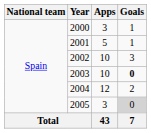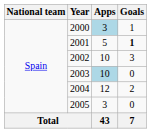 <table class="wikitable" style="text-align:center">
 <tr>
 <th>National team</th>
 <th>Year</th>
 <th>Apps</th>
 <th>Goals</th>
 </tr>
 <tr>
 <td rowspan="6"><a href='#'>Spain</a></td>
 <td>2000</td>
-<td>3</td>
+<td style="background: lightblue;">3</td>
 <td>1</td>
 </tr>
 <tr>
 <td>2001</td>
 <td>5</td>
-<td>1</td>
+<td><strong>1</strong></td>
 </tr>
 <tr>
 <td>2002</td>
 <td>10</td>
 <td>3</td>
 </tr>
 <tr>
 <td>2003</td>
-<td>10</td>
-<td><strong>0</strong></td>
+<td style="background: lightblue;">10</td>
+<td>0</td>
 </tr>
 <tr>
 <td>2004</td>
 <td>12</td>
 <td>2</td>
 </tr>
 <tr>
 <td>2005</td>
 <td>3</td>
-<td style="background: lightgrey;">0</td>
+<td>0</td>
 </tr>
 <tr>
 <th colspan="2">Total</th>
 <th>43</th>
 <th>7</th>
 </tr>
 </table>
